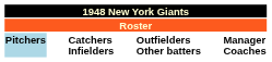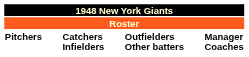 <table class="toccolours" style="font-size: 95%;">
 <tr>
 <th colspan="10" style="background-color: black; color: #FFFDD0; text-align: center;">1948 New York Giants</th>
 </tr>
 <tr>
 <td colspan="10" style="background-color: #fd5a1e; color: #FFFDD0; text-align: center;"><strong>Roster</strong></td>
 </tr>
 <tr>
-<td valign="top" style="background: lightblue;"><strong>Pitchers</strong><br>                  </td>
+<td valign="top"><strong>Pitchers</strong><br>                  </td>
 <td width="25px"></td>
 <td valign="top"><strong>Catchers</strong><br>    <strong>Infielders</strong>           </td>
 <td width="25px"></td>
 <td valign="top"><strong>Outfielders</strong><br>       <strong>Other batters</strong> </td>
 <td width="25px"></td>
 <td valign="top"><strong>Manager</strong><br>  <strong>Coaches</strong>   </td>
 </tr>
 </table>
